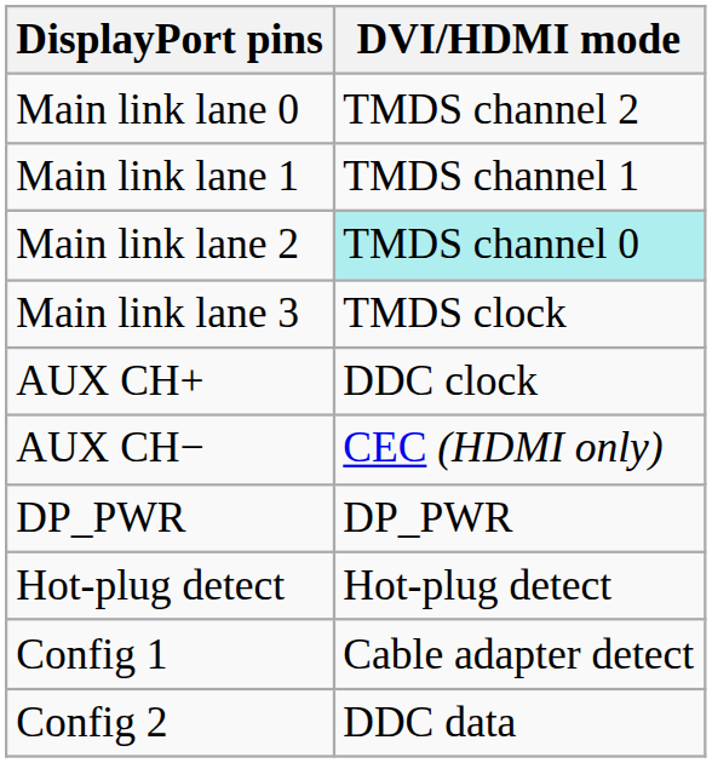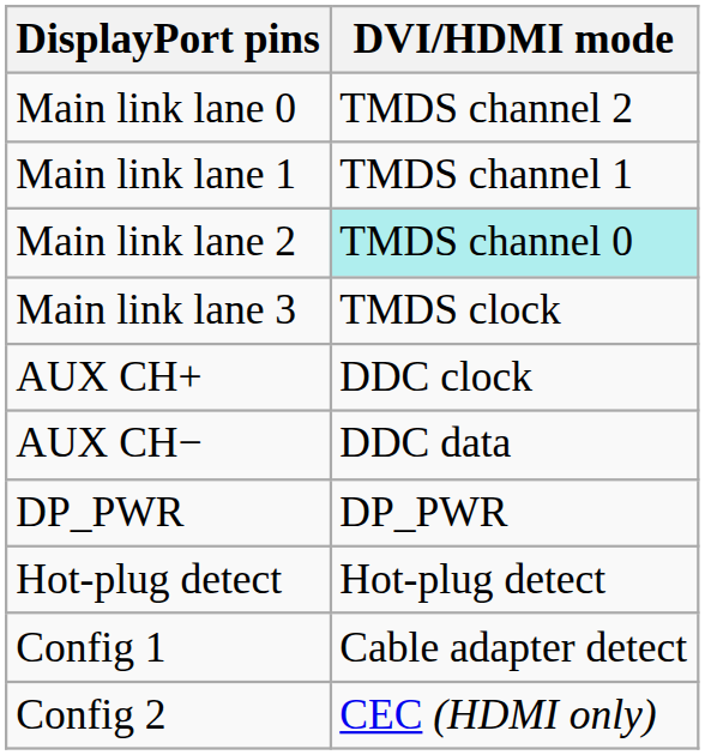 <table class="wikitable floatright">
 <tr>
 <th>DisplayPort pins</th>
 <th>DVI/HDMI mode</th>
 </tr>
 <tr>
 <td>Main link lane 0</td>
 <td>TMDS channel 2</td>
 </tr>
 <tr>
 <td>Main link lane 1</td>
 <td>TMDS channel 1</td>
 </tr>
 <tr>
 <td>Main link lane 2</td>
 <td style="background: paleturquoise;">TMDS channel 0</td>
 </tr>
 <tr>
 <td>Main link lane 3</td>
 <td>TMDS clock</td>
 </tr>
 <tr>
 <td>AUX CH+</td>
 <td>DDC clock</td>
 </tr>
 <tr>
 <td>AUX CH−</td>
-<td><a href='#'>CEC</a> <em>(HDMI only)</em></td>
+<td>DDC data</td>
 </tr>
 <tr>
 <td>DP_PWR</td>
 <td>DP_PWR</td>
 </tr>
 <tr>
 <td>Hot-plug detect</td>
 <td>Hot-plug detect</td>
 </tr>
 <tr>
 <td>Config 1</td>
 <td>Cable adapter detect</td>
 </tr>
 <tr>
 <td>Config 2</td>
-<td>DDC data</td>
+<td><a href='#'>CEC</a> <em>(HDMI only)</em></td>
 </tr>
 </table>
